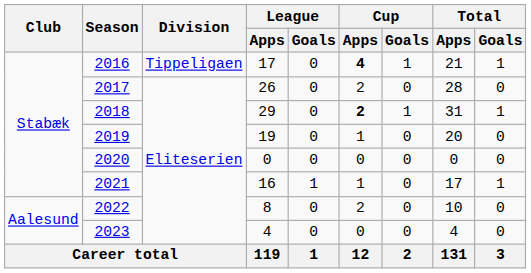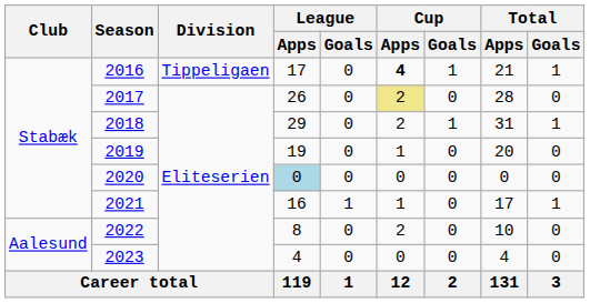 <table class="wikitable" style="text-align: center;">
 <tr>
 <th rowspan="2">Club</th>
 <th rowspan="2">Season</th>
 <th rowspan="2">Division</th>
 <th colspan="2">League</th>
 <th colspan="2">Cup</th>
 <th colspan="2">Total</th>
 </tr>
 <tr>
 <th>Apps</th>
 <th>Goals</th>
 <th>Apps</th>
 <th>Goals</th>
 <th>Apps</th>
 <th>Goals</th>
 </tr>
 <tr>
 <td rowspan="6" valign="center"><a href='#'>Stabæk</a></td>
 <td><a href='#'>2016</a></td>
 <td rowspan="1" valign="center"><a href='#'>Tippeligaen</a></td>
 <td>17</td>
 <td>0</td>
 <td><strong>4</strong></td>
 <td>1</td>
 <td>21</td>
 <td>1</td>
 </tr>
 <tr>
 <td><a href='#'>2017</a></td>
 <td rowspan="7" valign="center"><a href='#'>Eliteserien</a></td>
 <td>26</td>
 <td>0</td>
-<td>2</td>
+<td style="background: khaki;">2</td>
 <td>0</td>
 <td>28</td>
 <td>0</td>
 </tr>
 <tr>
 <td><a href='#'>2018</a></td>
 <td>29</td>
 <td>0</td>
-<td><strong>2</strong></td>
+<td>2</td>
 <td>1</td>
 <td>31</td>
 <td>1</td>
 </tr>
 <tr>
 <td><a href='#'>2019</a></td>
 <td>19</td>
 <td>0</td>
 <td>1</td>
 <td>0</td>
 <td>20</td>
 <td>0</td>
 </tr>
 <tr>
 <td><a href='#'>2020</a></td>
-<td>0</td>
+<td style="background: lightblue;">0</td>
 <td>0</td>
 <td>0</td>
 <td>0</td>
 <td>0</td>
 <td>0</td>
 </tr>
 <tr>
 <td><a href='#'>2021</a></td>
 <td>16</td>
 <td>1</td>
 <td>1</td>
 <td>0</td>
 <td>17</td>
 <td>1</td>
 </tr>
 <tr>
 <td rowspan="2" valign="center"><a href='#'>Aalesund</a></td>
 <td><a href='#'>2022</a></td>
 <td>8</td>
 <td>0</td>
 <td>2</td>
 <td>0</td>
 <td>10</td>
 <td>0</td>
 </tr>
 <tr>
 <td><a href='#'>2023</a></td>
 <td>4</td>
 <td>0</td>
 <td>0</td>
 <td>0</td>
 <td>4</td>
 <td>0</td>
 </tr>
 <tr>
 <th colspan="3">Career total</th>
 <th>119</th>
 <th>1</th>
 <th>12</th>
 <th>2</th>
 <th>131</th>
 <th>3</th>
 </tr>
 </table>
